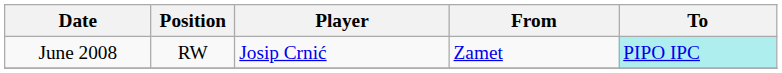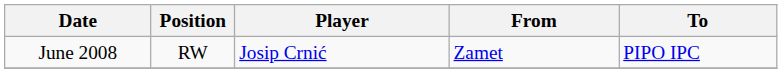 <table class="wikitable" style="font-size:95%; text-align:center;">
 <tr>
 <th width=120>Date</th>
 <th width=60>Position</th>
 <th width=180>Player</th>
 <th width=140>From</th>
 <th width=130>To</th>
 </tr>
 <tr>
 <td>June 2008</td>
 <td>RW</td>
 <td style="text-align:left;"> <a href='#'>Josip Crnić</a></td>
 <td style="text-align:left;"> <a href='#'>Zamet</a></td>
-<td style="background: paleturquoise; text-align:left;"> <a href='#'>PIPO IPC</a></td>
+<td style="text-align:left;"> <a href='#'>PIPO IPC</a></td>
 </tr>
 <tr>
 </tr>
 </table>
